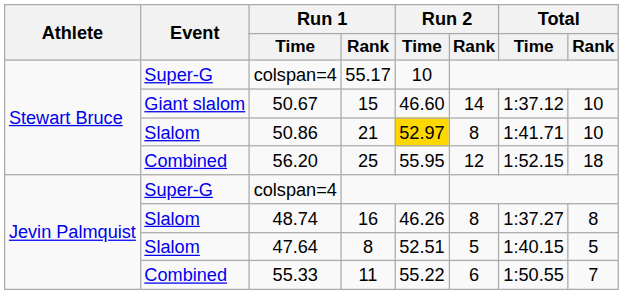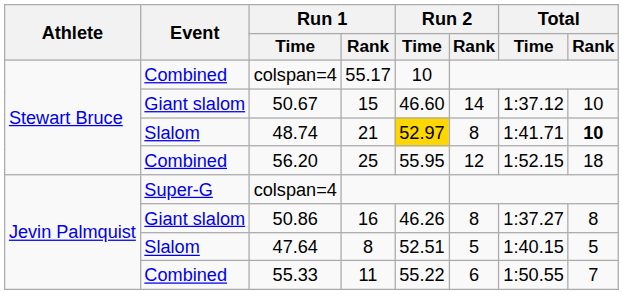 <table class="wikitable" style="font-size:90%">
 <tr>
 <th rowspan=2>Athlete</th>
 <th rowspan=2>Event</th>
 <th colspan=2>Run 1</th>
 <th colspan=2>Run 2</th>
 <th colspan=2>Total</th>
 </tr>
 <tr style="font-size:95%">
 <th>Time</th>
 <th>Rank</th>
 <th>Time</th>
 <th>Rank</th>
 <th>Time</th>
 <th>Rank</th>
 </tr>
 <tr align=center>
 <td align="left" rowspan="4"><a href='#'>Stewart Bruce</a></td>
-<td align="left"><a href='#'>Super-G</a></td>
+<td align="left"><a href='#'>Combined</a></td>
 <td>colspan=4</td>
 <td>55.17</td>
 <td>10</td>
 </tr>
 <tr align=center>
 <td align="left"><a href='#'>Giant slalom</a></td>
 <td>50.67</td>
 <td>15</td>
 <td>46.60</td>
 <td>14</td>
 <td>1:37.12</td>
 <td>10</td>
 </tr>
 <tr align=center>
 <td align="left"><a href='#'>Slalom</a></td>
-<td>50.86</td>
+<td>48.74</td>
 <td>21</td>
 <td style="background: gold;">52.97</td>
 <td>8</td>
 <td>1:41.71</td>
-<td>10</td>
+<td><strong>10</strong></td>
 </tr>
 <tr align=center>
 <td align="left"><a href='#'>Combined</a></td>
 <td>56.20</td>
 <td>25</td>
 <td>55.95</td>
 <td>12</td>
 <td>1:52.15</td>
 <td>18</td>
 </tr>
 <tr align=center>
 <td align="left" rowspan="4"><a href='#'>Jevin Palmquist</a></td>
 <td align="left"><a href='#'>Super-G</a></td>
 <td>colspan=4</td>
 <td colspan=2></td>
 </tr>
 <tr align=center>
-<td align="left"><a href='#'>Slalom</a></td>
-<td>48.74</td>
+<td align="left"><a href='#'>Giant slalom</a></td>
+<td>50.86</td>
 <td>16</td>
 <td>46.26</td>
 <td>8</td>
 <td>1:37.27</td>
 <td>8</td>
 </tr>
 <tr align=center>
 <td align="left"><a href='#'>Slalom</a></td>
 <td>47.64</td>
 <td>8</td>
 <td>52.51</td>
 <td>5</td>
 <td>1:40.15</td>
 <td>5</td>
 </tr>
 <tr align=center>
 <td align="left"><a href='#'>Combined</a></td>
 <td>55.33</td>
 <td>11</td>
 <td>55.22</td>
 <td>6</td>
 <td>1:50.55</td>
 <td>7</td>
 </tr>
 </table>
